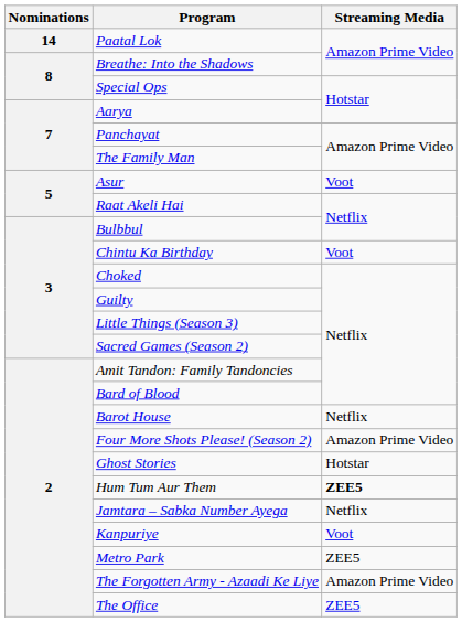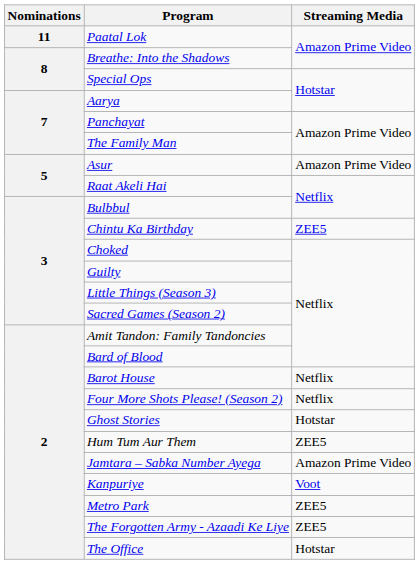 <table class="wikitable" style="display:inline-table;">
 <tr>
 <th>Nominations</th>
 <th>Program</th>
 <th>Streaming Media</th>
 </tr>
 <tr>
-<th>14</th>
+<th>11</th>
 <td><em><a href='#'>Paatal Lok</a></em></td>
 <td rowspan="2"><a href='#'>Amazon Prime Video</a></td>
 </tr>
 <tr>
 <th rowspan="2">8</th>
 <td><em><a href='#'>Breathe: Into the Shadows</a></em></td>
 </tr>
 <tr>
 <td><a href='#'><em>Special Ops</em></a></td>
 <td rowspan="2"><a href='#'>Hotstar</a></td>
 </tr>
 <tr>
 <th rowspan="3">7</th>
 <td><a href='#'><em>Aarya</em></a></td>
 </tr>
 <tr>
 <td><a href='#'><em>Panchayat</em></a></td>
 <td rowspan="2">Amazon Prime Video</td>
 </tr>
 <tr>
 <td><a href='#'><em>The Family Man</em></a></td>
 </tr>
 <tr>
 <th rowspan="2">5</th>
 <td><a href='#'><em>Asur</em></a></td>
-<td><a href='#'>Voot</a></td>
+<td>Amazon Prime Video</td>
 </tr>
 <tr>
 <td><em><a href='#'>Raat Akeli Hai</a></em></td>
 <td rowspan="2"><a href='#'>Netflix</a></td>
 </tr>
 <tr>
 <th rowspan="6">3</th>
 <td><em><a href='#'>Bulbbul</a></em></td>
 </tr>
 <tr>
 <td><em><a href='#'>Chintu Ka Birthday</a></em></td>
-<td><a href='#'>Voot</a></td>
+<td><a href='#'>ZEE5</a></td>
 </tr>
 <tr>
 <td><a href='#'><em>Choked</em></a></td>
 <td rowspan="6">Netflix</td>
 </tr>
 <tr>
 <td><a href='#'><em>Guilty</em></a></td>
 </tr>
 <tr>
 <td><a href='#'><em>Little Things (Season 3)</em></a></td>
 </tr>
 <tr>
 <td><a href='#'><em>Sacred Games (Season 2)</em></a></td>
 </tr>
 <tr>
 <th rowspan="11">2</th>
 <td><em>Amit Tandon: Family Tandoncies</em></td>
 </tr>
 <tr>
 <td><em><a href='#'>Bard of Blood</a></em></td>
 </tr>
 <tr>
 <td><em><a href='#'>Barot House</a></em></td>
 <td>Netflix</td>
 </tr>
 <tr>
 <td><a href='#'><em>Four More Shots Please! (Season 2)</em></a></td>
-<td>Amazon Prime Video</td>
+<td>Netflix</td>
 </tr>
 <tr>
 <td><em><a href='#'>Ghost Stories</a></em></td>
 <td>Hotstar</td>
 </tr>
 <tr>
 <td><em>Hum Tum Aur Them</em></td>
-<td><strong>ZEE5</strong></td>
+<td>ZEE5</td>
 </tr>
 <tr>
 <td><em><a href='#'>Jamtara – Sabka Number Ayega</a></em></td>
-<td>Netflix</td>
+<td>Amazon Prime Video</td>
 </tr>
 <tr>
 <td><em><a href='#'>Kanpuriye</a></em></td>
 <td><a href='#'>Voot</a></td>
 </tr>
 <tr>
 <td><em><a href='#'>Metro Park</a></em></td>
 <td>ZEE5</td>
 </tr>
 <tr>
 <td><em><a href='#'>The Forgotten Army - Azaadi Ke Liye</a></em></td>
-<td>Amazon Prime Video</td>
+<td>ZEE5</td>
 </tr>
 <tr>
 <td><em><a href='#'>The Office</a></em></td>
-<td><a href='#'>ZEE5</a></td>
+<td>Hotstar</td>
 </tr>
 </table>
